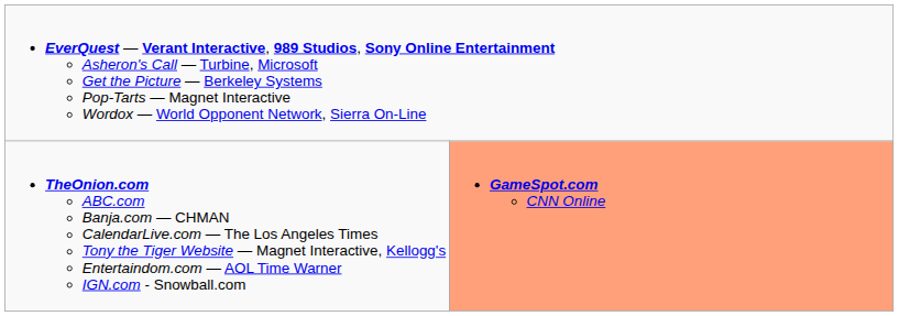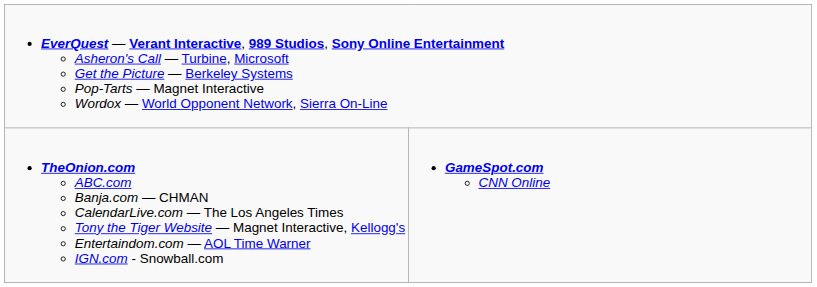 <table class="wikitable">
 <tr>
 <td valign="top" width="50%" colspan="2"><br><ul><li><strong><em><a href='#'>EverQuest</a></em></strong> — <strong><a href='#'>Verant Interactive</a></strong>, <strong><a href='#'>989 Studios</a></strong>, <strong><a href='#'>Sony Online Entertainment</a></strong><ul><li><em><a href='#'>Asheron's Call</a></em> — <a href='#'>Turbine</a>, <a href='#'>Microsoft</a></li><li><em><a href='#'>Get the Picture</a></em> — <a href='#'>Berkeley Systems</a></li><li><em>Pop-Tarts</em> — Magnet Interactive</li><li><em>Wordox</em> — <a href='#'>World Opponent Network</a>, <a href='#'>Sierra On-Line</a></li></ul></li></ul></td>
 </tr>
 <tr>
 <td valign="top" width="50%"><br><ul><li><strong><em><a href='#'>TheOnion.com</a></em></strong><ul><li><em><a href='#'>ABC.com</a></em></li><li><em>Banja.com</em> — CHMAN</li><li><em>CalendarLive.com</em> — The Los Angeles Times</li><li><em><a href='#'>Tony the Tiger Website</a></em> — Magnet Interactive, <a href='#'>Kellogg's</a></li><li><em>Entertaindom.com</em> — <a href='#'>AOL Time Warner</a></li><li><em><a href='#'>IGN.com</a></em> - Snowball.com</li></ul></li></ul></td>
-<td valign="top" width="50%" style="background: lightsalmon;"><br><ul><li><strong><em><a href='#'>GameSpot.com</a></em></strong><ul><li><em><a href='#'>CNN Online</a></em></li></ul></li></ul></td>
+<td valign="top" width="50%"><br><ul><li><strong><em><a href='#'>GameSpot.com</a></em></strong><ul><li><em><a href='#'>CNN Online</a></em></li></ul></li></ul></td>
 </tr>
 </table>
